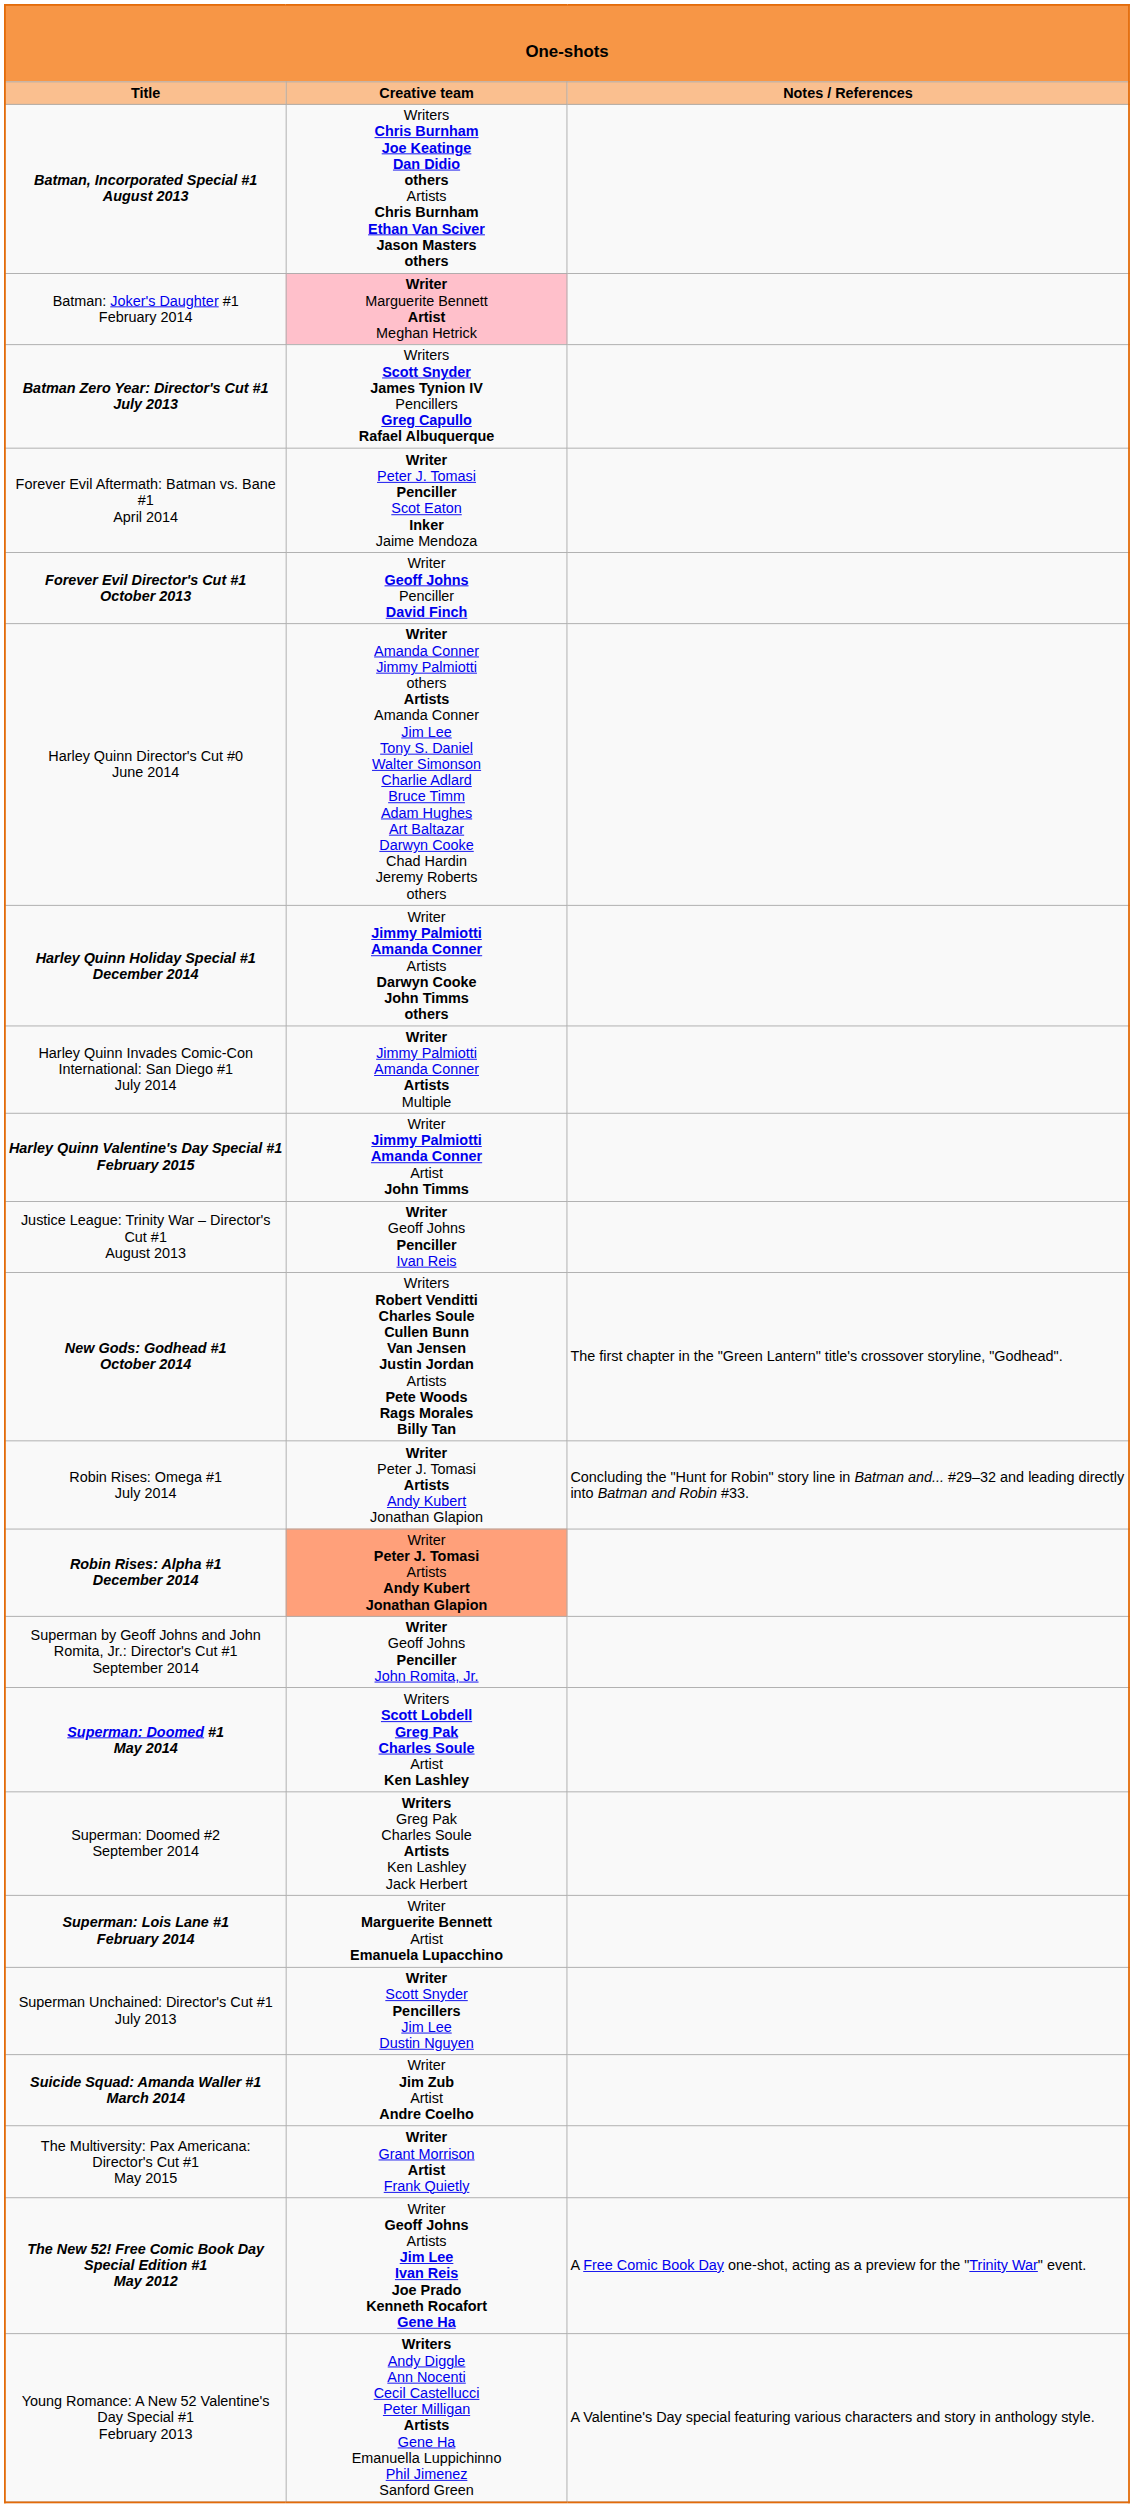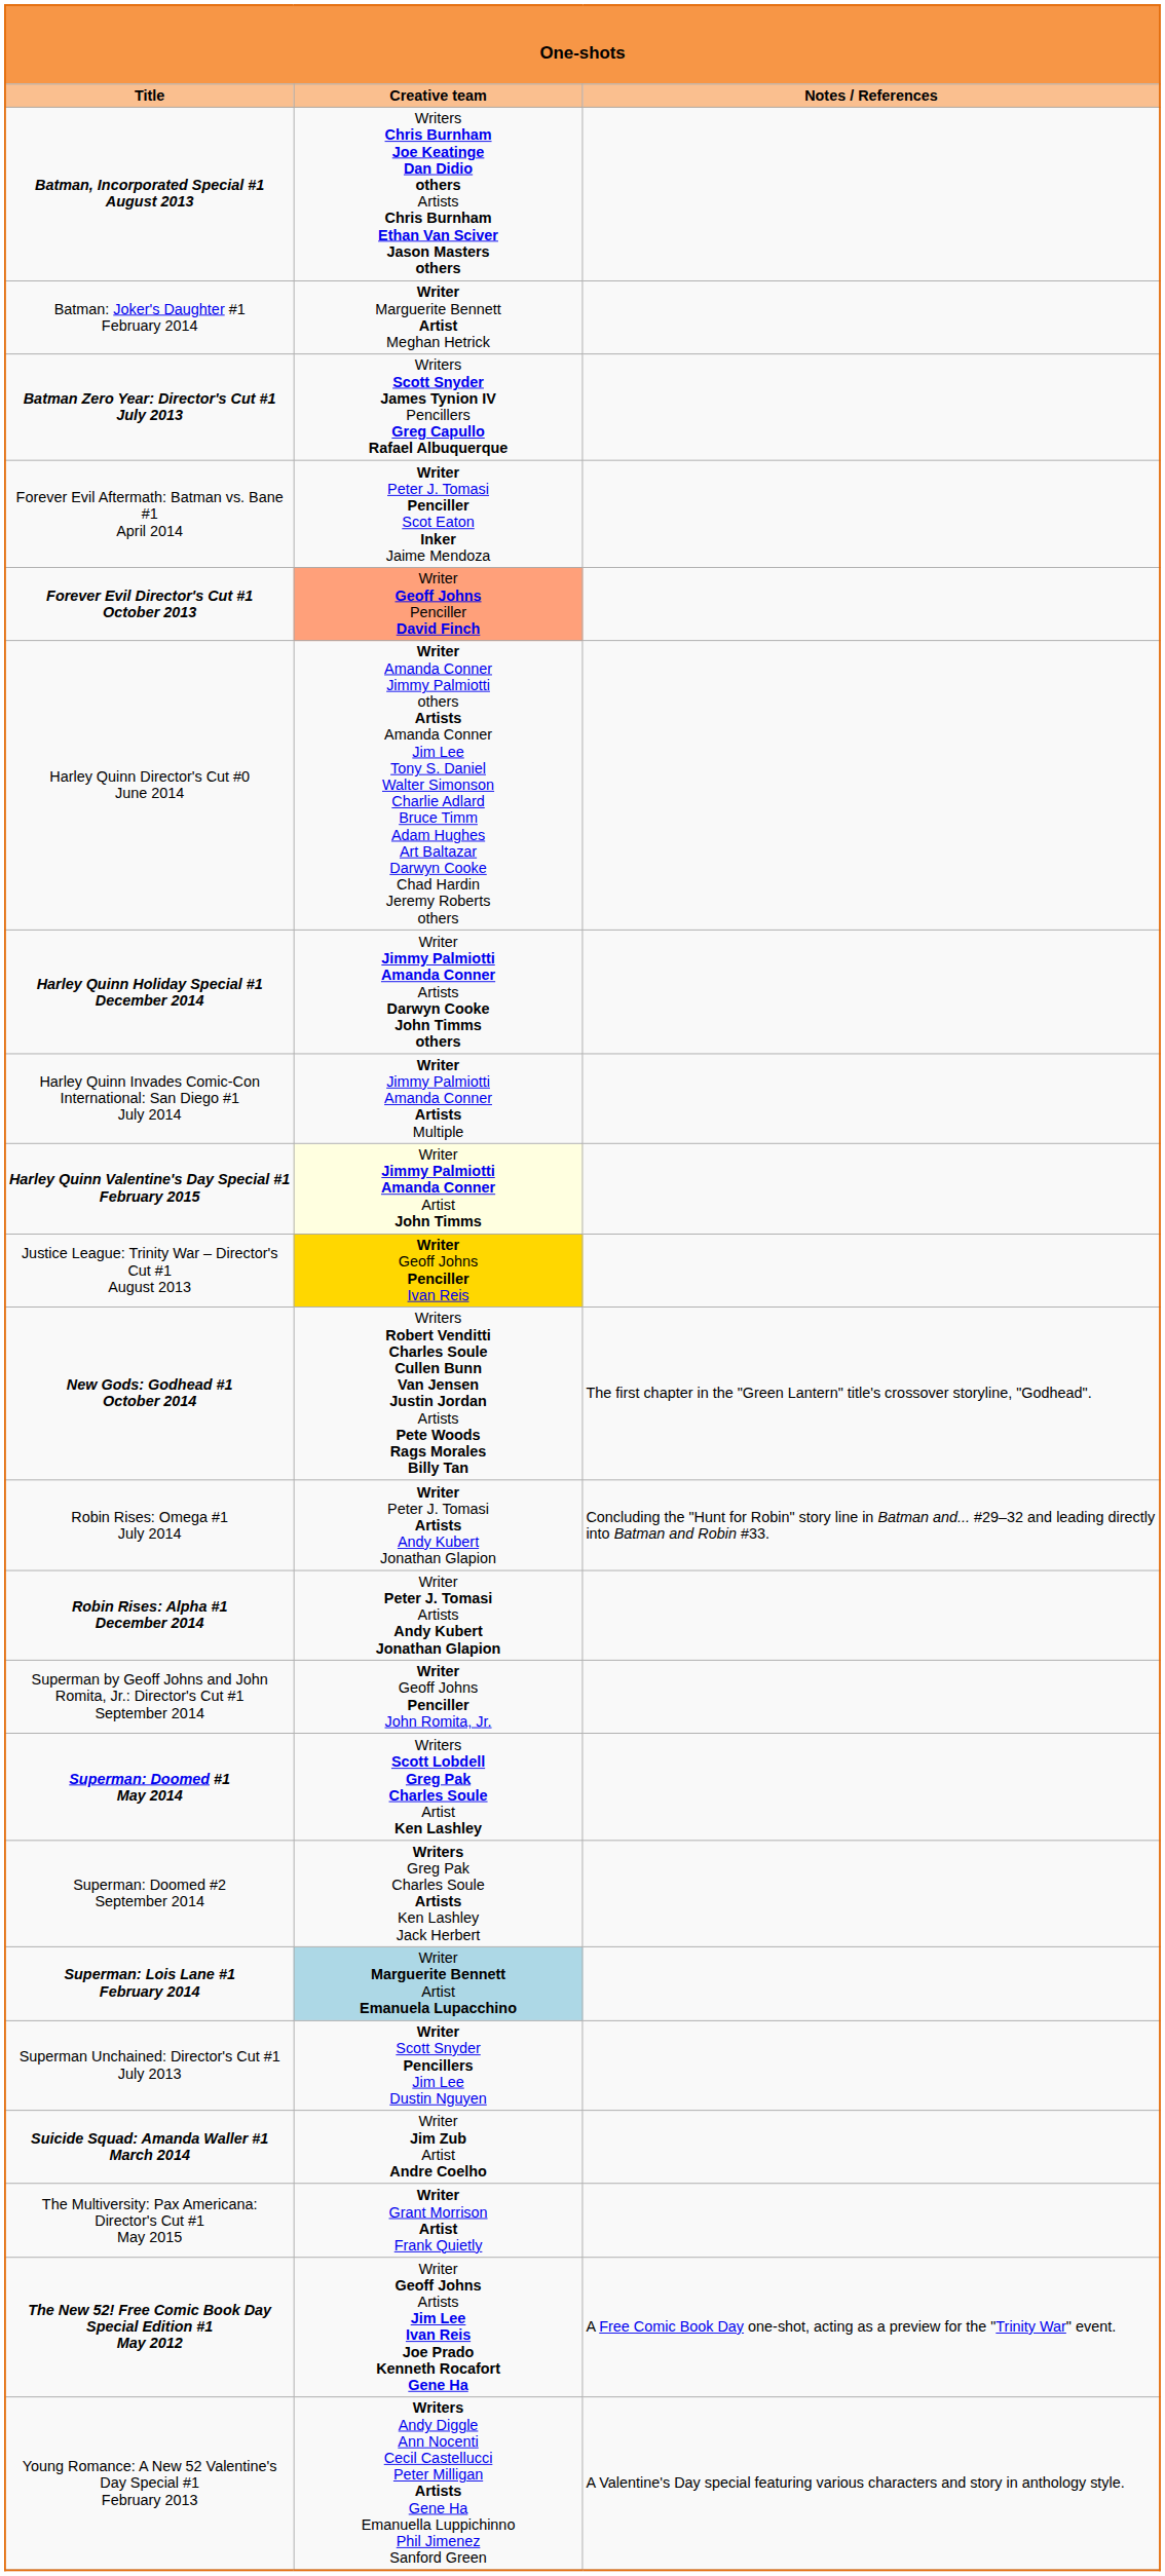 <table class="wikitable sortable" style="text-align:center;border:2px solid #E36C0A; font-weight:normal;" width=99%>
 <tr>
 <th scope="row" colspan="4" style="background-color:#F79646;"><br><h3>One-shots</h3></th>
 </tr>
 <tr>
 <th scope="col" width="15%" align="center" style="background-color:#FABF8F;">Title</th>
 <th scope="col" width="15%" align="center" style="background-color:#FABF8F;" class=unsortable>Creative team</th>
 <th scope="col" width="30%" align="center" style="background-color:#FABF8F;" class=unsortable>Notes / References</th>
 </tr>
 <tr>
 <td scope="row"><strong><em>Batman, Incorporated Special<em> #1<strong><br>August 2013</td>
 <td></strong>Writers<strong><br><a href='#'>Chris Burnham</a><br><a href='#'>Joe Keatinge</a><br><a href='#'>Dan Didio</a><br>others<br></strong>Artists<strong><br>Chris Burnham<br><a href='#'>Ethan Van Sciver</a><br>Jason Masters<br>others</td>
 <td align="left"></td>
 </tr>
 <tr>
 <td scope="row"></em></strong>Batman: <a href='#'>Joker's Daughter</a></em> #1</strong><br>February 2014</td>
-<td style="background: pink;"><strong>Writer</strong><br>Marguerite Bennett<br><strong>Artist</strong><br>Meghan Hetrick</td>
+<td><strong>Writer</strong><br>Marguerite Bennett<br><strong>Artist</strong><br>Meghan Hetrick</td>
 <td align="left"></td>
 </tr>
 <tr>
 <td scope="row"><strong><em>Batman Zero Year: Director's Cut<em> #1<strong><br>July 2013</td>
 <td></strong>Writers<strong><br><a href='#'>Scott Snyder</a><br>James Tynion IV<br></strong>Pencillers<strong><br><a href='#'>Greg Capullo</a><br>Rafael Albuquerque</td>
 <td align="left"></td>
 </tr>
 <tr>
 <td scope="row"></em></strong>Forever Evil Aftermath: Batman vs. Bane</em> #1</strong><br>April 2014</td>
 <td><strong>Writer</strong><br><a href='#'>Peter J. Tomasi</a><br><strong>Penciller</strong><br><a href='#'>Scot Eaton</a><br><strong>Inker</strong><br>Jaime Mendoza</td>
 <td align="left"></td>
 </tr>
 <tr>
 <td scope="row"><strong><em>Forever Evil Director's Cut<em> #1<strong><br>October 2013</td>
-<td></strong>Writer<strong><br><a href='#'>Geoff Johns</a><br></strong>Penciller<strong><br><a href='#'>David Finch</a></td>
+<td style="background: lightsalmon;"></strong>Writer<strong><br><a href='#'>Geoff Johns</a><br></strong>Penciller<strong><br><a href='#'>David Finch</a></td>
 <td align="left"></td>
 </tr>
 <tr>
 <td scope="row"></em></strong>Harley Quinn Director's Cut</em> #0</strong><br>June 2014</td>
 <td><strong>Writer</strong><br><a href='#'>Amanda Conner</a><br><a href='#'>Jimmy Palmiotti</a><br>others<br><strong>Artists</strong><br>Amanda Conner<br><a href='#'>Jim Lee</a><br><a href='#'>Tony S. Daniel</a><br><a href='#'>Walter Simonson</a><br><a href='#'>Charlie Adlard</a><br><a href='#'>Bruce Timm</a><br><a href='#'>Adam Hughes</a><br><a href='#'>Art Baltazar</a><br><a href='#'>Darwyn Cooke</a><br>Chad Hardin<br>Jeremy Roberts<br>others</td>
 <td align="left"></td>
 </tr>
 <tr>
 <td scope="row"><strong><em>Harley Quinn Holiday Special<em> #1<strong><br>December 2014</td>
 <td></strong>Writer<strong><br><a href='#'>Jimmy Palmiotti</a><br><a href='#'>Amanda Conner</a><br></strong>Artists<strong><br>Darwyn Cooke<br>John Timms<br>others</td>
 <td align="left"></td>
 </tr>
 <tr>
 <td scope="row"></em></strong>Harley Quinn Invades Comic-Con International: San Diego</em> #1</strong><br>July 2014</td>
 <td><strong>Writer</strong><br><a href='#'>Jimmy Palmiotti</a><br><a href='#'>Amanda Conner</a><br><strong>Artists</strong><br>Multiple</td>
 <td align="left"></td>
 </tr>
 <tr>
 <td scope="row"><strong><em>Harley Quinn Valentine's Day Special<em> #1<strong><br>February 2015</td>
-<td></strong>Writer<strong><br><a href='#'>Jimmy Palmiotti</a><br><a href='#'>Amanda Conner</a><br></strong>Artist<strong><br>John Timms</td>
+<td style="background: lightyellow;"></strong>Writer<strong><br><a href='#'>Jimmy Palmiotti</a><br><a href='#'>Amanda Conner</a><br></strong>Artist<strong><br>John Timms</td>
 <td align="left"></td>
 </tr>
 <tr>
 <td scope="row"></em></strong>Justice League: Trinity War – Director's Cut</em> #1</strong><br>August 2013</td>
-<td><strong>Writer</strong><br>Geoff Johns<br><strong>Penciller</strong><br><a href='#'>Ivan Reis</a></td>
+<td style="background: gold;"><strong>Writer</strong><br>Geoff Johns<br><strong>Penciller</strong><br><a href='#'>Ivan Reis</a></td>
 <td align="left"></td>
 </tr>
 <tr>
 <td scope="row"><strong><em>New Gods: Godhead<em> #1<strong><br>October 2014</td>
 <td></strong>Writers<strong><br>Robert Venditti<br>Charles Soule<br>Cullen Bunn<br>Van Jensen<br>Justin Jordan<br></strong>Artists<strong><br>Pete Woods<br>Rags Morales<br>Billy Tan</td>
 <td align="left">The first chapter in the "Green Lantern" title's crossover storyline, "Godhead".</td>
 </tr>
 <tr>
 <td scope="row"></em></strong>Robin Rises: Omega</em> #1</strong><br>July 2014</td>
 <td><strong>Writer</strong><br>Peter J. Tomasi<br><strong>Artists</strong><br><a href='#'>Andy Kubert</a><br>Jonathan Glapion</td>
 <td align="left">Concluding the "Hunt for Robin" story line in <em>Batman and...</em> #29–32 and leading directly into <em>Batman and Robin</em> #33.</td>
 </tr>
 <tr>
 <td scope="row"><strong><em>Robin Rises: Alpha<em> #1<strong><br>December 2014</td>
-<td style="background: lightsalmon;"></strong>Writer<strong><br>Peter J. Tomasi<br></strong>Artists<strong><br>Andy Kubert<br>Jonathan Glapion</td>
+<td></strong>Writer<strong><br>Peter J. Tomasi<br></strong>Artists<strong><br>Andy Kubert<br>Jonathan Glapion</td>
 <td align="left"></td>
 </tr>
 <tr>
 <td scope="row"></em></strong>Superman by Geoff Johns and John Romita, Jr.: Director's Cut</em> #1</strong><br>September 2014</td>
 <td><strong>Writer</strong><br>Geoff Johns<br><strong>Penciller</strong><br><a href='#'>John Romita, Jr.</a></td>
 <td align="left"></td>
 </tr>
 <tr>
 <td scope="row"><strong><em><a href='#'>Superman: Doomed</a><em> #1<strong><br>May 2014</td>
 <td></strong>Writers<strong><br><a href='#'>Scott Lobdell</a><br><a href='#'>Greg Pak</a><br><a href='#'>Charles Soule</a><br></strong>Artist<strong><br>Ken Lashley</td>
 <td align="left"></td>
 </tr>
 <tr>
 <td scope="row"></em></strong>Superman: Doomed</em> #2</strong><br>September 2014</td>
 <td><strong>Writers</strong><br>Greg Pak<br>Charles Soule<br><strong>Artists</strong><br>Ken Lashley<br>Jack Herbert</td>
 <td align="left"></td>
 </tr>
 <tr>
 <td scope="row"><strong><em>Superman: Lois Lane<em> #1<strong><br>February 2014</td>
-<td></strong>Writer<strong><br>Marguerite Bennett<br></strong>Artist<strong><br>Emanuela Lupacchino</td>
+<td style="background: lightblue;"></strong>Writer<strong><br>Marguerite Bennett<br></strong>Artist<strong><br>Emanuela Lupacchino</td>
 <td align="left"></td>
 </tr>
 <tr>
 <td scope="row"></em></strong>Superman Unchained: Director's Cut</em> #1</strong><br>July 2013</td>
 <td><strong>Writer</strong><br><a href='#'>Scott Snyder</a><br><strong>Pencillers</strong><br><a href='#'>Jim Lee</a><br><a href='#'>Dustin Nguyen</a></td>
 <td align="left"></td>
 </tr>
 <tr>
 <td scope="row"><strong><em>Suicide Squad: Amanda Waller<em> #1<strong><br>March 2014</td>
 <td></strong>Writer<strong><br>Jim Zub<br></strong>Artist<strong><br>Andre Coelho</td>
 <td align="left"></td>
 </tr>
 <tr>
 <td scope="row"></em></strong>The Multiversity: Pax Americana: Director's Cut</em> #1</strong><br>May 2015</td>
 <td><strong>Writer</strong><br><a href='#'>Grant Morrison</a><br><strong>Artist</strong><br><a href='#'>Frank Quietly</a></td>
 <td align="left"></td>
 </tr>
 <tr>
 <td scope="row"><strong><em>The New 52! Free Comic Book Day Special Edition<em> #1<strong><br>May 2012</td>
 <td></strong>Writer<strong><br>Geoff Johns<br></strong>Artists<strong><br><a href='#'>Jim Lee</a><br><a href='#'>Ivan Reis</a><br>Joe Prado<br>Kenneth Rocafort<br><a href='#'>Gene Ha</a></td>
 <td align="left">A <a href='#'>Free Comic Book Day</a> one-shot, acting as a preview for the "<a href='#'>Trinity War</a>" event.</td>
 </tr>
 <tr>
 <td scope="row"></em></strong>Young Romance: A New 52 Valentine's Day Special</em> #1</strong><br>February 2013</td>
 <td><strong>Writers</strong><br><a href='#'>Andy Diggle</a><br><a href='#'>Ann Nocenti</a><br><a href='#'>Cecil Castellucci</a><br><a href='#'>Peter Milligan</a><br><strong>Artists</strong><br><a href='#'>Gene Ha</a><br>Emanuella Luppichinno<br><a href='#'>Phil Jimenez</a><br>Sanford Green</td>
 <td align="left">A Valentine's Day special featuring various characters and story in anthology style.</td>
 </tr>
 <tr>
 </tr>
 </table>
